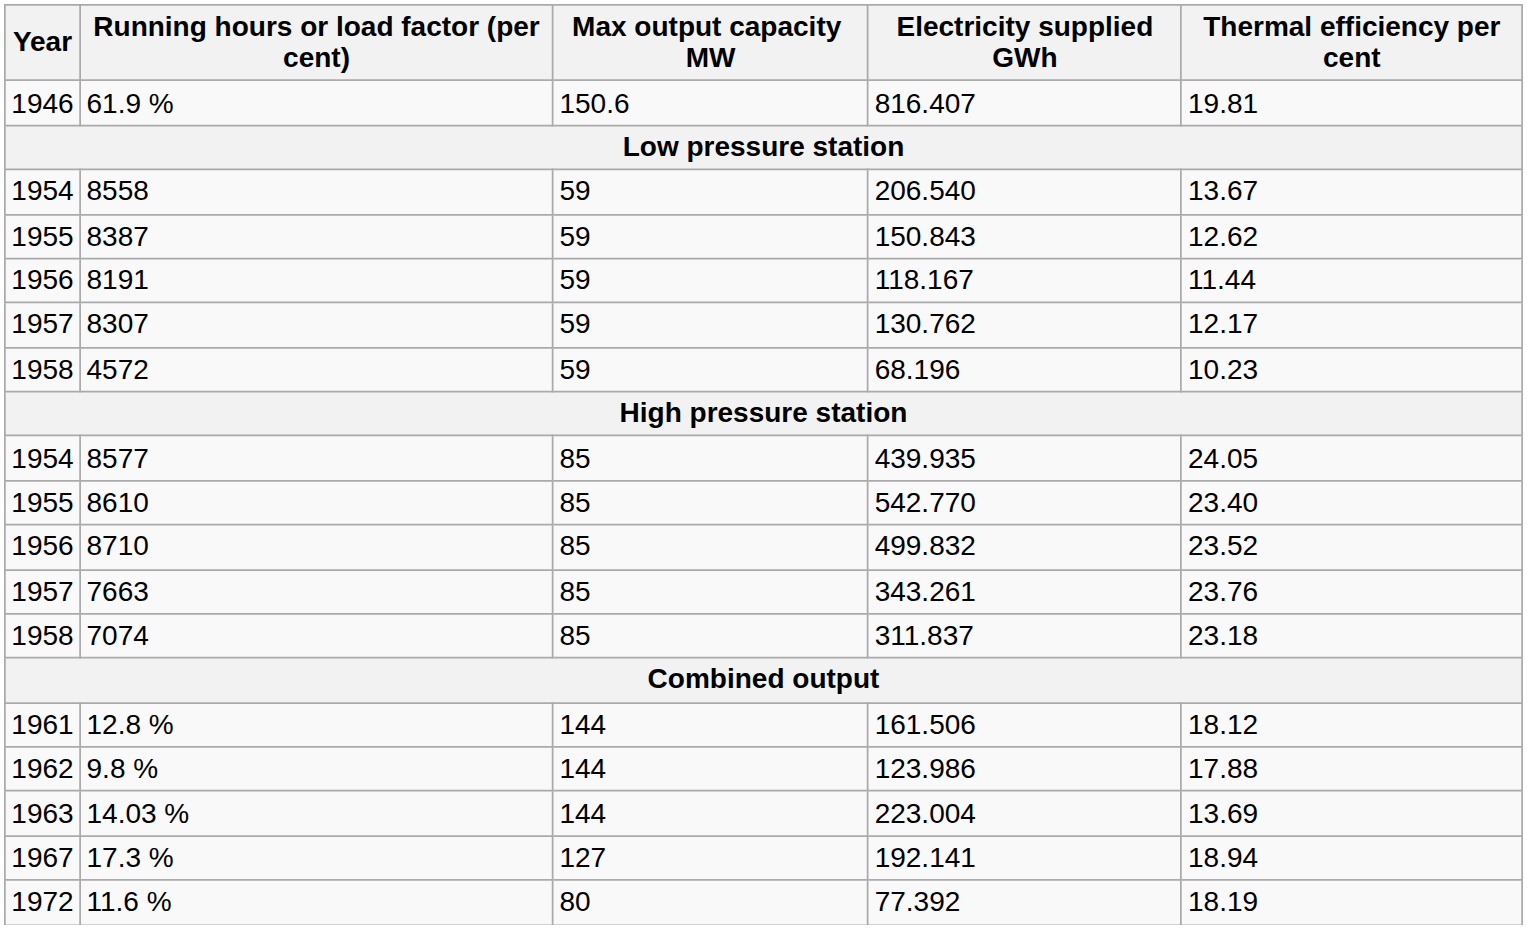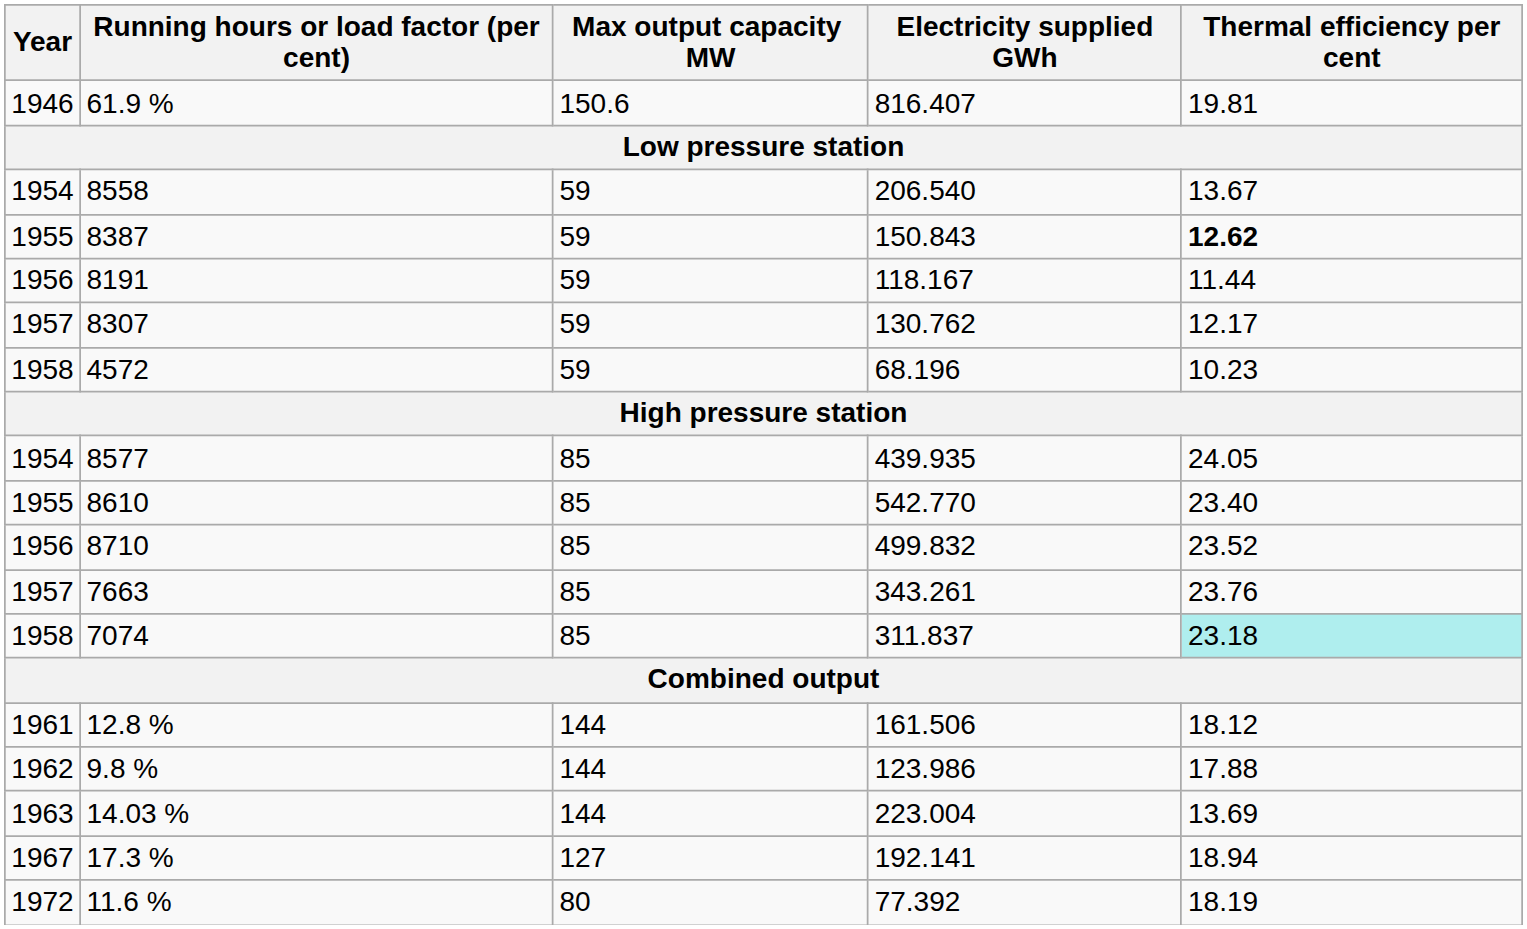 <table class="wikitable">
 <tr>
 <th>Year</th>
 <th>Running hours or load factor (per cent)</th>
 <th>Max output capacity  MW</th>
 <th>Electricity supplied GWh</th>
 <th>Thermal efficiency per cent</th>
 </tr>
 <tr>
 <td>1946</td>
 <td>61.9 %</td>
 <td>150.6</td>
 <td>816.407</td>
 <td>19.81</td>
 </tr>
 <tr>
 <th colspan="5">Low pressure station</th>
 </tr>
 <tr>
 <td>1954</td>
 <td>8558</td>
 <td>59</td>
 <td>206.540</td>
 <td>13.67</td>
 </tr>
 <tr>
 <td>1955</td>
 <td>8387</td>
 <td>59</td>
 <td>150.843</td>
-<td>12.62</td>
+<td><strong>12.62</strong></td>
 </tr>
 <tr>
 <td>1956</td>
 <td>8191</td>
 <td>59</td>
 <td>118.167</td>
 <td>11.44</td>
 </tr>
 <tr>
 <td>1957</td>
 <td>8307</td>
 <td>59</td>
 <td>130.762</td>
 <td>12.17</td>
 </tr>
 <tr>
 <td>1958</td>
 <td>4572</td>
 <td>59</td>
 <td>68.196</td>
 <td>10.23</td>
 </tr>
 <tr>
 <th colspan="5">High pressure station</th>
 </tr>
 <tr>
 <td>1954</td>
 <td>8577</td>
 <td>85</td>
 <td>439.935</td>
 <td>24.05</td>
 </tr>
 <tr>
 <td>1955</td>
 <td>8610</td>
 <td>85</td>
 <td>542.770</td>
 <td>23.40</td>
 </tr>
 <tr>
 <td>1956</td>
 <td>8710</td>
 <td>85</td>
 <td>499.832</td>
 <td>23.52</td>
 </tr>
 <tr>
 <td>1957</td>
 <td>7663</td>
 <td>85</td>
 <td>343.261</td>
 <td>23.76</td>
 </tr>
 <tr>
 <td>1958</td>
 <td>7074</td>
 <td>85</td>
 <td>311.837</td>
-<td>23.18</td>
+<td style="background: paleturquoise;">23.18</td>
 </tr>
 <tr>
 <th colspan="5">Combined output</th>
 </tr>
 <tr>
 <td>1961</td>
 <td>12.8 %</td>
 <td>144</td>
 <td>161.506</td>
 <td>18.12</td>
 </tr>
 <tr>
 <td>1962</td>
 <td>9.8 %</td>
 <td>144</td>
 <td>123.986</td>
 <td>17.88</td>
 </tr>
 <tr>
 <td>1963</td>
 <td>14.03 %</td>
 <td>144</td>
 <td>223.004</td>
 <td>13.69</td>
 </tr>
 <tr>
 <td>1967</td>
 <td>17.3 %</td>
 <td>127</td>
 <td>192.141</td>
 <td>18.94</td>
 </tr>
 <tr>
 <td>1972</td>
 <td>11.6 %</td>
 <td>80</td>
 <td>77.392</td>
 <td>18.19</td>
 </tr>
 </table>
